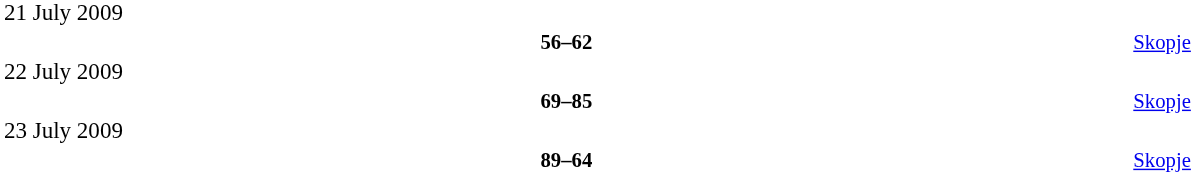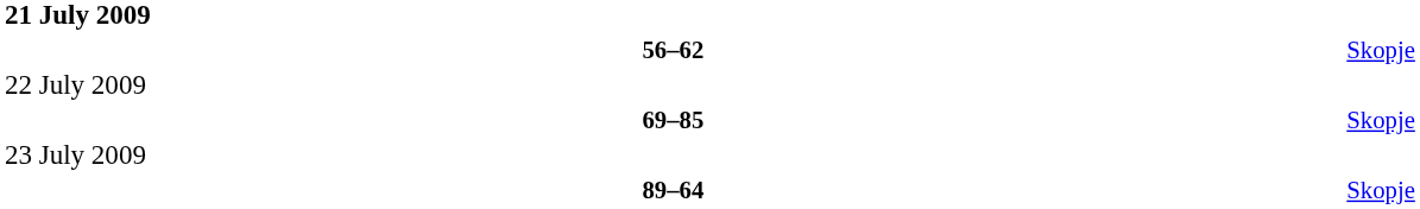 <table style="width:100%;" cellspacing="1">
 <tr>
 <th width=25%></th>
 <th width=3%></th>
 <th width=6%></th>
 <th width=3%></th>
 <th width=25%></th>
 </tr>
 <tr>
-<td>21 July 2009</td>
+<td><strong>21 July 2009</strong></td>
 </tr>
 <tr style=font-size:90%>
 <td align=right><strong></strong></td>
 <td></td>
 <td align=center><strong>56–62</strong></td>
 <td></td>
 <td><strong></strong></td>
 <td><a href='#'>Skopje</a></td>
 </tr>
 <tr>
 <td>22 July 2009</td>
 </tr>
 <tr style=font-size:90%>
 <td align=right><strong></strong></td>
 <td></td>
 <td align=center><strong>69–85</strong></td>
 <td></td>
 <td><strong></strong></td>
 <td><a href='#'>Skopje</a></td>
 </tr>
 <tr>
 <td>23 July 2009</td>
 </tr>
 <tr style=font-size:90%>
 <td align=right><strong></strong></td>
 <td></td>
 <td align=center><strong>89–64</strong></td>
 <td></td>
 <td><strong></strong></td>
 <td><a href='#'>Skopje</a></td>
 </tr>
 </table>
